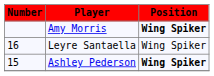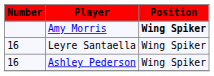 <table bgcolor="#f7f8ff" cellpadding="3" cellspacing="0" border="1" style="font-size: 95%; border: gray solid 1px; border-collapse: collapse;">
 <tr bgcolor="#ff0000">
 <td align=center><strong>Number</strong></td>
 <td align=center><strong>Player</strong></td>
 <td align=center><strong>Position</strong></td>
 </tr>
 <tr align="left">
 <td></td>
 <td> <a href='#'>Amy Morris</a></td>
 <td><strong>Wing Spiker</strong></td>
 </tr>
 <tr align="left">
 <td>16</td>
 <td> Leyre Santaella</td>
 <td>Wing Spiker</td>
 </tr>
 <tr align="left">
-<td>15</td>
+<td>16</td>
 <td> <a href='#'>Ashley Pederson</a></td>
-<td><strong>Wing Spiker</strong></td>
+<td>Wing Spiker</td>
 </tr>
 <tr align=left>
 </tr>
 </table>
